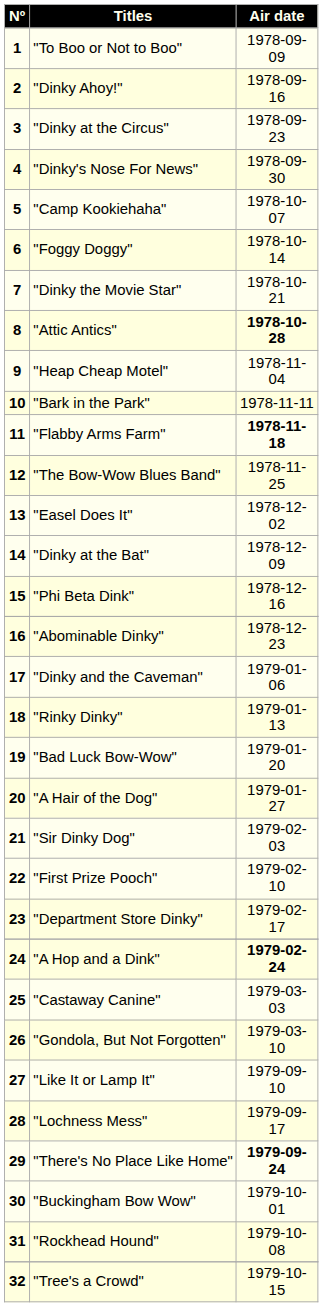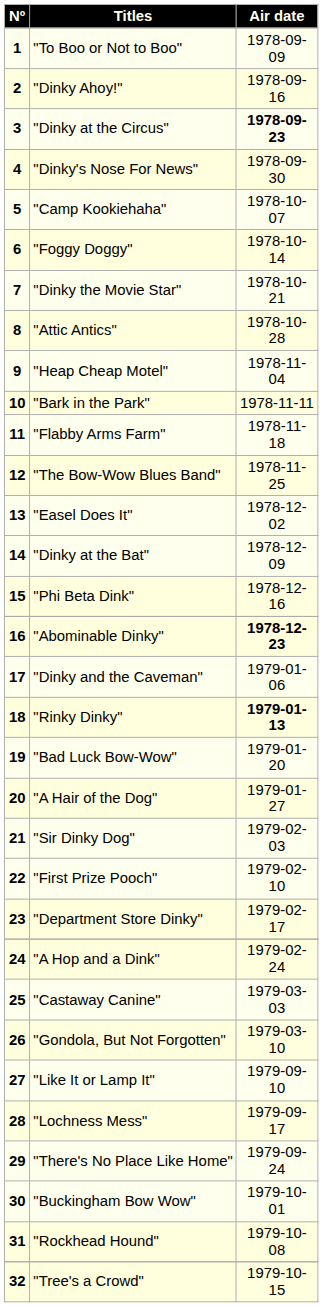 <table class=wikitable style="text-align:center; background:#FFFFEE">
 <tr style="color:#FFFFEE">
 <th style="background:#000000; width:20px">Nº</th>
 <th style="background:#000000">Titles</th>
 <th style="background:#000000; width:80px">Air date</th>
 </tr>
 <tr>
 <td><strong>1</strong></td>
 <td align="left">"To Boo or Not to Boo"</td>
 <td>1978-09-09</td>
 </tr>
 <tr style="background:#FFFFDE;">
 <td><strong>2</strong></td>
 <td align="left">"Dinky Ahoy!"</td>
 <td>1978-09-16</td>
 </tr>
 <tr>
 <td><strong>3</strong></td>
 <td align="left">"Dinky at the Circus"</td>
-<td>1978-09-23</td>
+<td><strong>1978-09-23</strong></td>
 </tr>
 <tr style="background:#FFFFDE;">
 <td><strong>4</strong></td>
 <td align="left">"Dinky's Nose For News"</td>
 <td>1978-09-30</td>
 </tr>
 <tr>
 <td><strong>5</strong></td>
 <td align="left">"Camp Kookiehaha"</td>
 <td>1978-10-07</td>
 </tr>
 <tr style="background:#FFFFDE;">
 <td><strong>6</strong></td>
 <td align="left">"Foggy Doggy"</td>
 <td>1978-10-14</td>
 </tr>
 <tr>
 <td><strong>7</strong></td>
 <td align="left">"Dinky the Movie Star"</td>
 <td>1978-10-21</td>
 </tr>
 <tr style="background:#FFFFDE;">
 <td><strong>8</strong></td>
 <td align="left">"Attic Antics"</td>
-<td><strong>1978-10-28</strong></td>
+<td>1978-10-28</td>
 </tr>
 <tr>
 <td><strong>9</strong></td>
 <td align="left">"Heap Cheap Motel"</td>
 <td>1978-11-04</td>
 </tr>
 <tr style="background:#FFFFDE;">
 <td><strong>10</strong></td>
 <td align="left">"Bark in the Park"</td>
 <td>1978-11-11</td>
 </tr>
 <tr>
 <td><strong>11</strong></td>
 <td align="left">"Flabby Arms Farm"</td>
-<td><strong>1978-11-18</strong></td>
+<td>1978-11-18</td>
 </tr>
 <tr style="background:#FFFFDE;">
 <td><strong>12</strong></td>
 <td align="left">"The Bow-Wow Blues Band"</td>
 <td>1978-11-25</td>
 </tr>
 <tr>
 <td><strong>13</strong></td>
 <td align="left">"Easel Does It"</td>
 <td>1978-12-02</td>
 </tr>
 <tr>
 <td><strong>14</strong></td>
 <td align="left">"Dinky at the Bat"</td>
 <td>1978-12-09</td>
 </tr>
 <tr style="background:#FFFFDE;">
 <td><strong>15</strong></td>
 <td align="left">"Phi Beta Dink"</td>
 <td>1978-12-16</td>
 </tr>
 <tr>
 </tr>
 <tr style="background:#FFFFDE;">
 <td><strong>16</strong></td>
 <td align="left">"Abominable Dinky"</td>
-<td>1978-12-23</td>
+<td><strong>1978-12-23</strong></td>
 </tr>
 <tr>
 <td><strong>17</strong></td>
 <td align="left">"Dinky and the Caveman"</td>
 <td>1979-01-06</td>
 </tr>
 <tr style="background:#FFFFDE;">
 <td><strong>18</strong></td>
 <td align="left">"Rinky Dinky"</td>
-<td>1979-01-13</td>
+<td><strong>1979-01-13</strong></td>
 </tr>
 <tr>
 <td><strong>19</strong></td>
 <td align="left">"Bad Luck Bow-Wow"</td>
 <td>1979-01-20</td>
 </tr>
 <tr style="background:#FFFFDE;">
 <td><strong>20</strong></td>
 <td align="left">"A Hair of the Dog"</td>
 <td>1979-01-27</td>
 </tr>
 <tr>
 <td><strong>21</strong></td>
 <td align="left">"Sir Dinky Dog"</td>
 <td>1979-02-03</td>
 </tr>
 <tr>
 <td><strong>22</strong></td>
 <td align="left">"First Prize Pooch"</td>
 <td>1979-02-10</td>
 </tr>
 <tr style="background:#FFFFDE;">
 <td><strong>23</strong></td>
 <td align="left">"Department Store Dinky"</td>
 <td>1979-02-17</td>
 </tr>
 <tr>
 </tr>
 <tr style="background:#FFFFDE;">
 <td><strong>24</strong></td>
 <td align="left">"A Hop and a Dink"</td>
-<td><strong>1979-02-24</strong></td>
+<td>1979-02-24</td>
 </tr>
 <tr>
 <td><strong>25</strong></td>
 <td align="left">"Castaway Canine"</td>
 <td>1979-03-03</td>
 </tr>
 <tr style="background:#FFFFDE;">
 <td><strong>26</strong></td>
 <td align="left">"Gondola, But Not Forgotten"</td>
 <td>1979-03-10</td>
 </tr>
 <tr>
 <td><strong>27</strong></td>
 <td align="left">"Like It or Lamp It"</td>
 <td>1979-09-10</td>
 </tr>
 <tr style="background:#FFFFDE;">
 <td><strong>28</strong></td>
 <td align="left">"Lochness Mess"</td>
 <td>1979-09-17</td>
 </tr>
 <tr>
 <td><strong>29</strong></td>
 <td align="left">"There's No Place Like Home"</td>
-<td><strong>1979-09-24</strong></td>
+<td>1979-09-24</td>
 </tr>
 <tr>
 <td><strong>30</strong></td>
 <td align="left">"Buckingham Bow Wow"</td>
 <td>1979-10-01</td>
 </tr>
 <tr style="background:#FFFFDE;">
 <td><strong>31</strong></td>
 <td align="left">"Rockhead Hound"</td>
 <td>1979-10-08</td>
 </tr>
 <tr>
 </tr>
 <tr style="background:#FFFFDE;">
 <td><strong>32</strong></td>
 <td align="left">"Tree's a Crowd"</td>
 <td>1979-10-15</td>
 </tr>
 </table>
